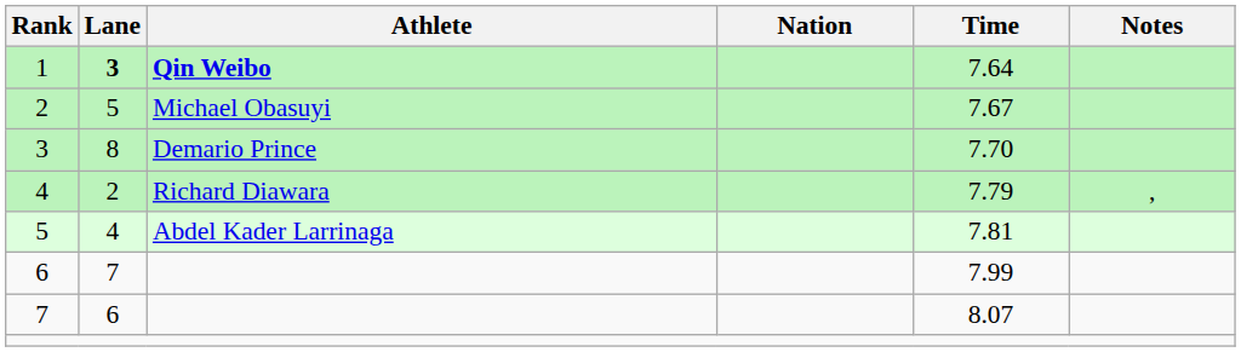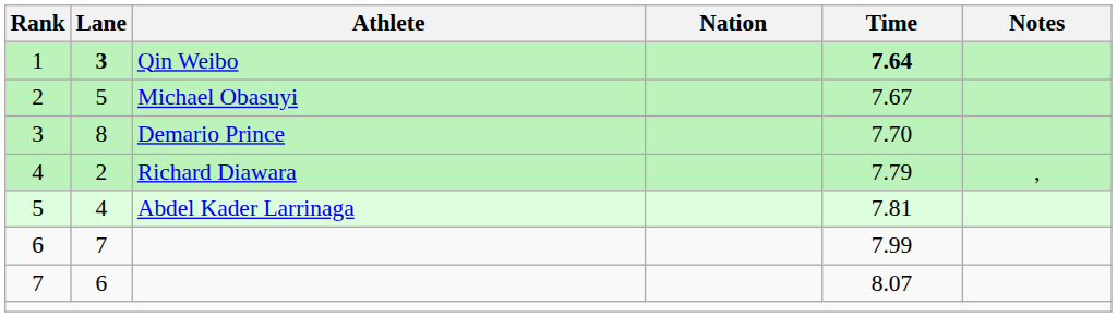 <table class="wikitable sortable" style="text-align:center;width: 60%;">
 <tr>
 <th scope="col" style="width: 10px;">Rank</th>
 <th scope="col" style="width: 10px;">Lane</th>
 <th scope="col">Athlete</th>
 <th scope="col">Nation</th>
 <th scope="col">Time</th>
 <th scope="col">Notes</th>
 </tr>
 <tr bgcolor=bbf3bb>
 <td>1</td>
 <td><strong>3</strong></td>
-<td align=left><strong><a href='#'>Qin Weibo</a></strong></td>
+<td align=left><a href='#'>Qin Weibo</a></td>
 <td align=left></td>
-<td>7.64</td>
+<td><strong>7.64</strong></td>
 <td></td>
 </tr>
 <tr bgcolor=bbf3bb>
 <td>2</td>
 <td>5</td>
 <td align=left><a href='#'>Michael Obasuyi</a></td>
 <td align=left></td>
 <td>7.67</td>
 <td></td>
 </tr>
 <tr bgcolor=bbf3bb>
 <td>3</td>
 <td>8</td>
 <td align=left><a href='#'>Demario Prince</a></td>
 <td align=left></td>
 <td>7.70</td>
 <td></td>
 </tr>
 <tr bgcolor=bbf3bb>
 <td>4</td>
 <td>2</td>
 <td align=left><a href='#'>Richard Diawara</a></td>
 <td align=left></td>
 <td>7.79</td>
 <td>, </td>
 </tr>
 <tr bgcolor=ddffdd>
 <td>5</td>
 <td>4</td>
 <td align=left><a href='#'>Abdel Kader Larrinaga</a></td>
 <td align=left></td>
 <td>7.81</td>
 <td></td>
 </tr>
 <tr>
 <td>6</td>
 <td>7</td>
 <td align=left></td>
 <td align=left></td>
 <td>7.99</td>
 <td></td>
 </tr>
 <tr>
 <td>7</td>
 <td>6</td>
 <td align=left></td>
 <td align=left></td>
 <td>8.07</td>
 <td></td>
 </tr>
 <tr class="sortbottom">
 <td colspan="6"></td>
 </tr>
 </table>
